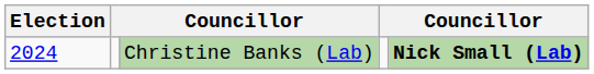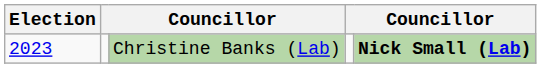 <table class="wikitable">
 <tr>
 <th>Election</th>
 <th colspan="2">Councillor</th>
 <th colspan="2">Councillor</th>
 </tr>
 <tr>
-<td><a href='#'>2024</a></td>
+<td><a href='#'>2023</a></td>
 <td style="background-color: "></td>
 <td bgcolor="#B6D7A8">Christine Banks (<a href='#'>Lab</a>)</td>
 <td style="background-color: "></td>
 <td bgcolor="#B6D7A8"><strong>Nick Small (<a href='#'>Lab</a>)</strong></td>
 </tr>
 </table>
